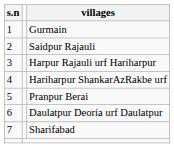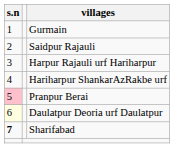 <table class="wikitable">
 <tr>
 <th>s.n</th>
 <td></td>
 <th>villages</th>
 </tr>
 <tr>
 <td>1</td>
 <td></td>
 <td>Gurmain</td>
 </tr>
 <tr>
 <td>2</td>
 <td></td>
 <td>Saidpur Rajauli</td>
 </tr>
 <tr>
 <td>3</td>
 <td></td>
 <td>Harpur Rajauli urf Hariharpur</td>
 </tr>
 <tr>
 <td>4</td>
 <td></td>
 <td>Hariharpur ShankarAzRakbe urf</td>
 </tr>
 <tr>
-<td>5</td>
+<td style="background: pink;">5</td>
 <td></td>
 <td>Pranpur Berai</td>
 </tr>
 <tr>
-<td>6</td>
+<td style="background: lightyellow;">6</td>
 <td></td>
 <td>Daulatpur Deoria urf Daulatpur</td>
 </tr>
 <tr>
-<td>7</td>
+<td><strong>7</strong></td>
 <td></td>
 <td>Sharifabad</td>
 </tr>
 <tr>
 <td></td>
 </tr>
 </table>
